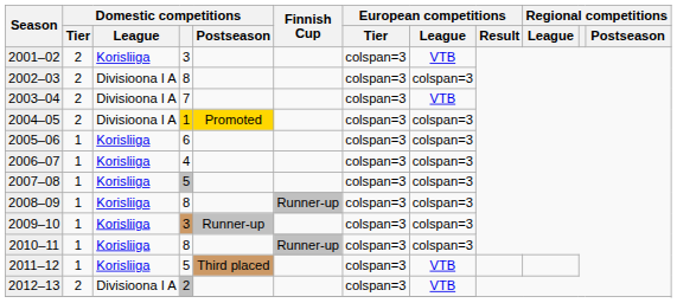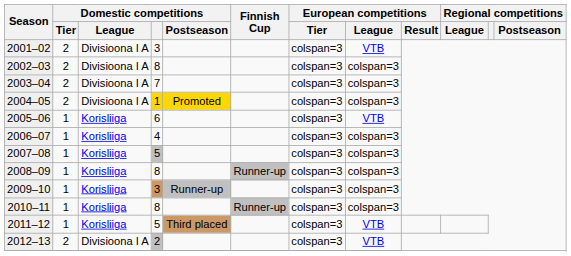 <table class="wikitable" style="font-size:85%; text-align:center">
 <tr bgcolor=>
 <th rowspan=2>Season</th>
 <th colspan=4>Domestic competitions</th>
 <th rowspan=2>Finnish <br> Cup</th>
 <th colspan=3>European competitions</th>
 <th colspan=3>Regional competitions</th>
 </tr>
 <tr>
 <th>Tier</th>
 <th>League</th>
 <th></th>
 <th>Postseason</th>
 <th>Tier</th>
 <th>League</th>
 <th>Result</th>
 <th>League</th>
 <th></th>
 <th>Postseason</th>
 </tr>
 <tr>
 <td style="background:#efefef;">2001–02</td>
 <td>2</td>
-<td align=left><a href='#'>Korisliiga</a></td>
+<td align=left>Divisioona I A</td>
 <td style="background:bronze;">3</td>
 <td></td>
 <td></td>
 <td>colspan=3 </td>
 <td><a href='#'>VTB</a></td>
 </tr>
 <tr>
 <td style="background:#efefef;">2002–03</td>
 <td>2</td>
 <td align=left>Divisioona I A</td>
 <td>8</td>
 <td></td>
 <td></td>
 <td>colspan=3 </td>
 <td>colspan=3 </td>
 </tr>
 <tr>
 <td style="background:#efefef;">2003–04</td>
 <td>2</td>
 <td align=left>Divisioona I A</td>
 <td>7</td>
 <td></td>
 <td></td>
 <td>colspan=3 </td>
-<td><a href='#'>VTB</a></td>
+<td>colspan=3 </td>
 </tr>
 <tr>
 <td style="background:#efefef;">2004–05</td>
 <td>2</td>
 <td align=left>Divisioona I A</td>
 <td style="background:gold">1</td>
 <td style="background:gold">Promoted</td>
 <td></td>
 <td>colspan=3 </td>
 <td>colspan=3 </td>
 </tr>
 <tr>
 <td style="background:#efefef;">2005–06</td>
 <td>1</td>
 <td align=left><a href='#'>Korisliiga</a></td>
 <td>6</td>
 <td></td>
 <td></td>
 <td>colspan=3 </td>
-<td>colspan=3 </td>
+<td><a href='#'>VTB</a></td>
 </tr>
 <tr>
 <td style="background:#efefef;">2006–07</td>
 <td>1</td>
 <td align=left><a href='#'>Korisliiga</a></td>
 <td>4</td>
 <td></td>
 <td></td>
 <td>colspan=3 </td>
 <td>colspan=3 </td>
 </tr>
 <tr>
 <td style="background:#efefef;">2007–08</td>
 <td>1</td>
 <td align=left><a href='#'>Korisliiga</a></td>
 <td style="background:silver;">5</td>
 <td></td>
 <td></td>
 <td>colspan=3 </td>
 <td>colspan=3 </td>
 </tr>
 <tr>
 <td style="background:#efefef;">2008–09</td>
 <td>1</td>
 <td align=left><a href='#'>Korisliiga</a></td>
 <td>8</td>
 <td></td>
 <td style="background:silver;">Runner-up</td>
 <td>colspan=3 </td>
 <td>colspan=3 </td>
 </tr>
 <tr>
 <td style="background:#efefef;">2009–10</td>
 <td>1</td>
 <td align=left><a href='#'>Korisliiga</a></td>
 <td style="background:#cc9966;">3</td>
 <td style="background:silver;">Runner-up</td>
 <td></td>
 <td>colspan=3 </td>
 <td>colspan=3 </td>
 </tr>
 <tr>
 <td style="background:#efefef;">2010–11</td>
 <td>1</td>
 <td align=left><a href='#'>Korisliiga</a></td>
 <td>8</td>
 <td></td>
 <td style="background:silver;">Runner-up</td>
 <td>colspan=3 </td>
 <td>colspan=3 </td>
 </tr>
 <tr>
 <td style="background:#efefef;">2011–12</td>
 <td>1</td>
 <td align=left><a href='#'>Korisliiga</a></td>
 <td>5</td>
 <td style="background:#cc9966;">Third placed</td>
 <td></td>
 <td>colspan=3 </td>
 <td><a href='#'>VTB</a></td>
 <td></td>
 <td></td>
 </tr>
 <tr>
 <td style="background:#efefef;">2012–13</td>
 <td>2</td>
 <td>Divisioona I A</td>
 <td style="background:silver;">2</td>
 <td></td>
 <td></td>
 <td>colspan=3 </td>
 <td><a href='#'>VTB</a></td>
 </tr>
 <tr>
 </tr>
 </table>
